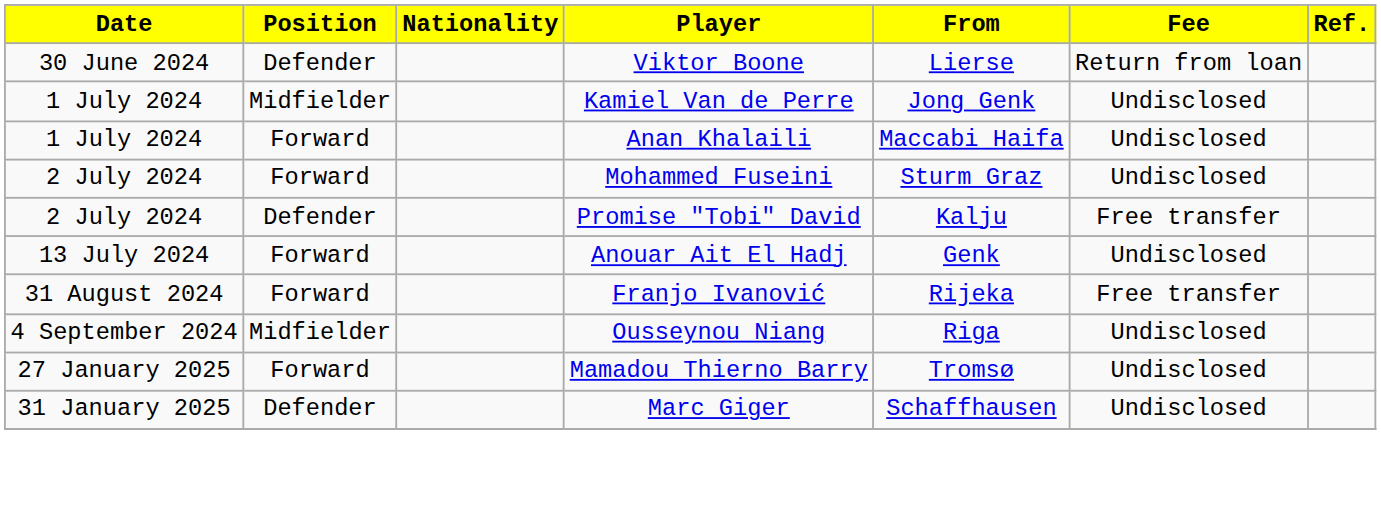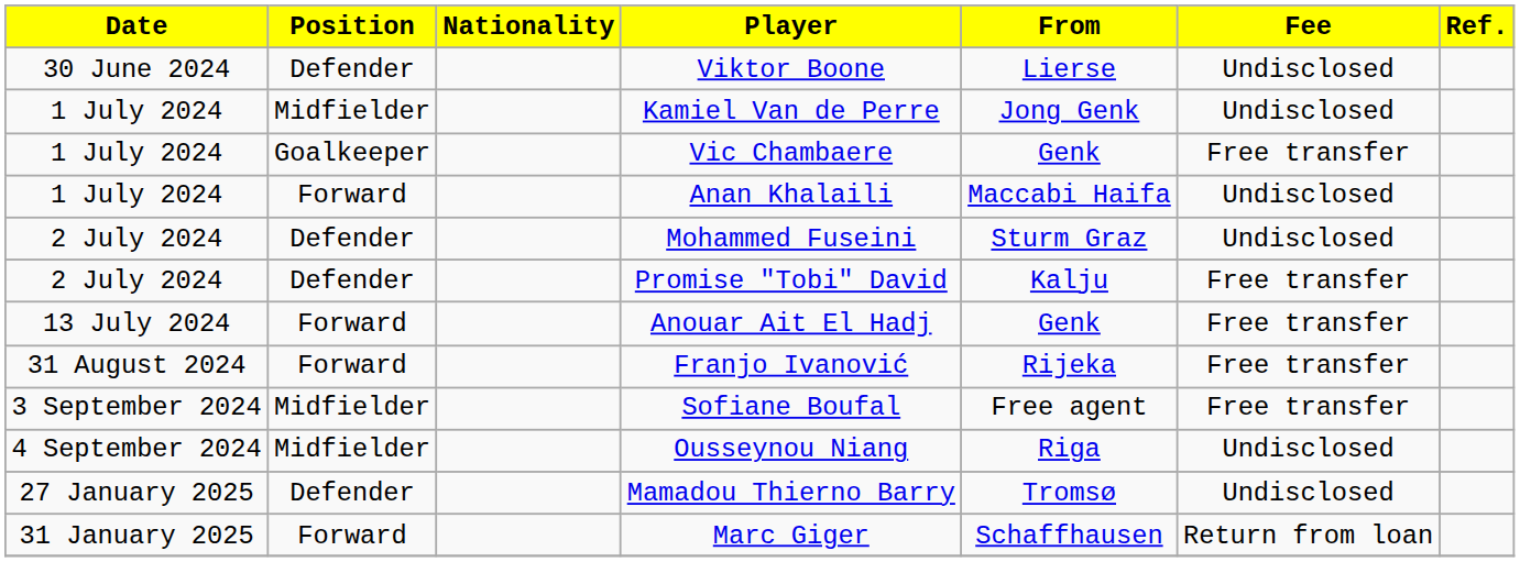 <table class="wikitable" style="text-align:center;">
 <tr>
 <th style="background:#FFFF00; color:#000000; ">Date</th>
 <th style="background:#FFFF00; color:#000000; ">Position</th>
 <th style="background:#FFFF00; color:#000000; ">Nationality</th>
 <th style="background:#FFFF00; color:#000000; ">Player</th>
 <th style="background:#FFFF00; color:#000000; ">From</th>
 <th style="background:#FFFF00; color:#000000; ">Fee</th>
 <th style="background:#FFFF00; color:#000000; ">Ref.</th>
 </tr>
 <tr>
 <td>30 June 2024</td>
 <td>Defender</td>
 <td></td>
 <td><a href='#'>Viktor Boone</a></td>
 <td> <a href='#'>Lierse</a></td>
-<td>Return from loan</td>
+<td>Undisclosed</td>
 <td></td>
 </tr>
 <tr>
 <td>1 July 2024</td>
 <td>Midfielder</td>
 <td></td>
 <td><a href='#'>Kamiel Van de Perre</a></td>
 <td><a href='#'>Jong Genk</a></td>
 <td>Undisclosed</td>
 <td></td>
 </tr>
 <tr>
 <td>1 July 2024</td>
+<td>Goalkeeper</td>
+<td></td>
+<td><a href='#'>Vic Chambaere</a></td>
+<td><a href='#'>Genk</a></td>
+<td>Free transfer</td>
+<td></td>
+</tr>
+<tr>
+<td>1 July 2024</td>
 <td>Forward</td>
 <td></td>
 <td><a href='#'>Anan Khalaili</a></td>
 <td><a href='#'>Maccabi Haifa</a></td>
 <td>Undisclosed</td>
 <td></td>
 </tr>
 <tr>
 <td>2 July 2024</td>
-<td>Forward</td>
+<td>Defender</td>
 <td></td>
 <td><a href='#'>Mohammed Fuseini</a></td>
 <td><a href='#'>Sturm Graz</a></td>
 <td>Undisclosed</td>
 <td></td>
 </tr>
 <tr>
 <td>2 July 2024</td>
 <td>Defender</td>
 <td></td>
 <td><a href='#'>Promise "Tobi" David</a></td>
 <td><a href='#'>Kalju</a></td>
 <td>Free transfer</td>
 <td></td>
 </tr>
 <tr>
 <td>13 July 2024</td>
 <td>Forward</td>
 <td></td>
 <td><a href='#'>Anouar Ait El Hadj</a></td>
 <td><a href='#'>Genk</a></td>
-<td>Undisclosed</td>
+<td>Free transfer</td>
 <td></td>
 </tr>
 <tr>
 <td>31 August 2024</td>
 <td>Forward</td>
 <td></td>
 <td><a href='#'>Franjo Ivanović</a></td>
 <td><a href='#'>Rijeka</a></td>
+<td>Free transfer</td>
+<td></td>
+</tr>
+<tr>
+<td>3 September 2024</td>
+<td>Midfielder</td>
+<td></td>
+<td><a href='#'>Sofiane Boufal</a></td>
+<td>Free agent</td>
 <td>Free transfer</td>
 <td></td>
 </tr>
 <tr>
 <td>4 September 2024</td>
 <td>Midfielder</td>
 <td></td>
 <td><a href='#'>Ousseynou Niang</a></td>
 <td> <a href='#'>Riga</a></td>
 <td>Undisclosed</td>
 <td></td>
 </tr>
 <tr>
 <td>27 January 2025</td>
-<td>Forward</td>
+<td>Defender</td>
 <td></td>
 <td><a href='#'>Mamadou Thierno Barry</a></td>
 <td> <a href='#'>Tromsø</a></td>
 <td>Undisclosed</td>
 <td></td>
 </tr>
 <tr>
 <td>31 January 2025</td>
-<td>Defender</td>
+<td>Forward</td>
 <td></td>
 <td><a href='#'>Marc Giger</a></td>
 <td> <a href='#'>Schaffhausen</a></td>
-<td>Undisclosed</td>
+<td>Return from loan</td>
 <td></td>
 </tr>
 <tr>
 </tr>
 </table>
